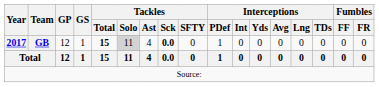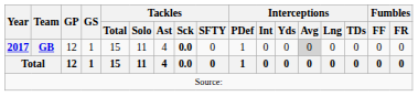 <table class="wikitable" style="text-align: center;">
 <tr>
 <th rowspan=2>Year</th>
 <th rowspan=2>Team</th>
 <th rowspan=2>GP</th>
 <th rowspan=2>GS</th>
 <th colspan=5>Tackles</th>
 <th colspan=6>Interceptions</th>
 <th colspan=2>Fumbles</th>
 </tr>
 <tr>
 <th>Total</th>
 <th>Solo</th>
 <th>Ast</th>
 <th>Sck</th>
 <th>SFTY</th>
 <th>PDef</th>
 <th>Int</th>
 <th>Yds</th>
 <th>Avg</th>
 <th>Lng</th>
 <th>TDs</th>
 <th>FF</th>
 <th>FR</th>
 </tr>
 <tr>
 <th><a href='#'>2017</a></th>
 <th><a href='#'>GB</a></th>
 <td>12</td>
 <td>1</td>
-<td><strong>15</strong></td>
-<td style="background: lightgrey;">11</td>
+<td>15</td>
+<td>11</td>
 <td>4</td>
 <td><strong>0.0</strong></td>
 <td>0</td>
 <td>1</td>
 <td>0</td>
 <td>0</td>
-<td>0</td>
+<td style="background: lightgrey;">0</td>
 <td>0</td>
 <td>0</td>
 <td>0</td>
 <td>0</td>
 </tr>
 <tr>
 <th colspan="2">Total</th>
 <th>12</th>
 <th>1</th>
 <th>15</th>
 <th>11</th>
 <th>4</th>
 <th>0.0</th>
 <th>0</th>
 <th>1</th>
 <th>0</th>
 <th>0</th>
 <th>0</th>
 <th>0</th>
 <th>0</th>
 <th>0</th>
 <th>0</th>
 </tr>
 <tr>
 <td colspan="17"><small>Source: </small></td>
 </tr>
 </table>
